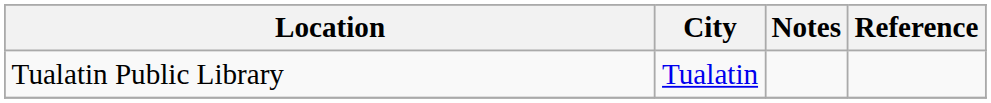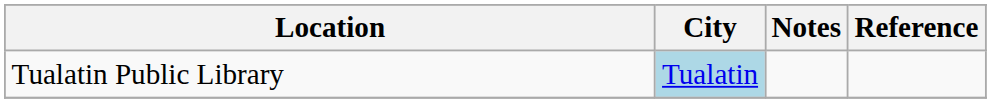 <table class="wikitable">
 <tr>
 <th Width="350">Location</th>
 <th>City</th>
 <th>Notes</th>
 <th>Reference</th>
 </tr>
 <tr>
 <td>Tualatin Public Library</td>
-<td><a href='#'>Tualatin</a></td>
+<td style="background: lightblue;"><a href='#'>Tualatin</a></td>
 <td></td>
 <td></td>
 </tr>
 <tr>
 </tr>
 </table>
